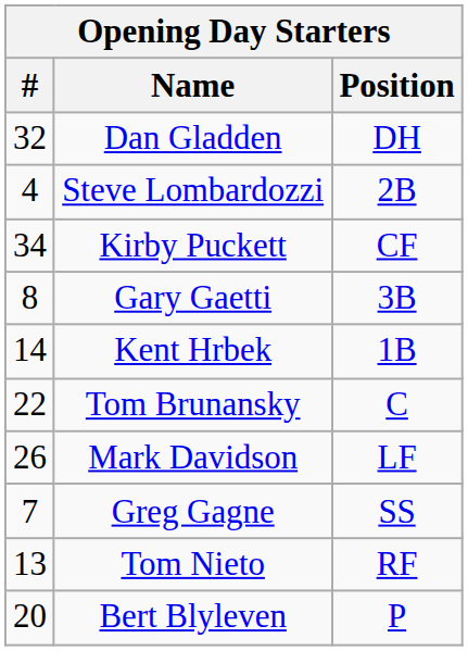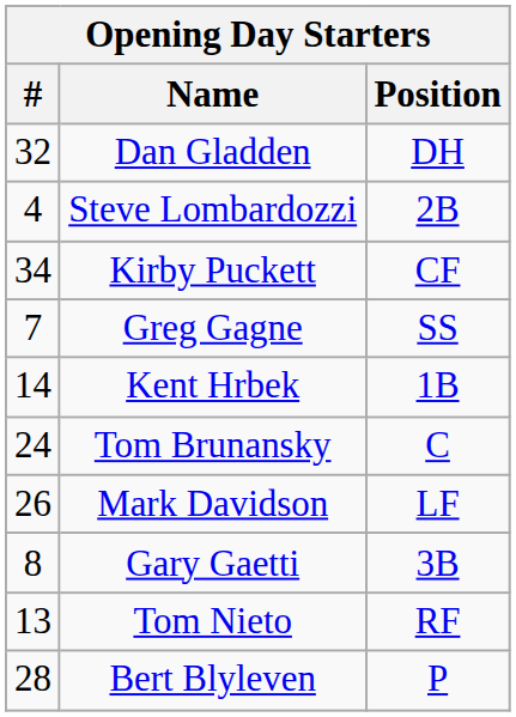 <table class="wikitable" style="text-align:center">
 <tr>
 <th colspan="3">Opening Day Starters</th>
 </tr>
 <tr>
 <th>#</th>
 <th>Name</th>
 <th>Position</th>
 </tr>
 <tr>
 <td>32</td>
 <td><a href='#'>Dan Gladden</a></td>
 <td><a href='#'>DH</a></td>
 </tr>
 <tr>
 <td>4</td>
 <td><a href='#'>Steve Lombardozzi</a></td>
 <td><a href='#'>2B</a></td>
 </tr>
 <tr>
 <td>34</td>
 <td><a href='#'>Kirby Puckett</a></td>
 <td><a href='#'>CF</a></td>
 </tr>
 <tr>
-<td>8</td>
-<td><a href='#'>Gary Gaetti</a></td>
-<td><a href='#'>3B</a></td>
+<td>7</td>
+<td><a href='#'>Greg Gagne</a></td>
+<td><a href='#'>SS</a></td>
 </tr>
 <tr>
 <td>14</td>
 <td><a href='#'>Kent Hrbek</a></td>
 <td><a href='#'>1B</a></td>
 </tr>
 <tr>
-<td>22</td>
+<td>24</td>
 <td><a href='#'>Tom Brunansky</a></td>
 <td><a href='#'>C</a></td>
 </tr>
 <tr>
 <td>26</td>
 <td><a href='#'>Mark Davidson</a></td>
 <td><a href='#'>LF</a></td>
 </tr>
 <tr>
-<td>7</td>
-<td><a href='#'>Greg Gagne</a></td>
-<td><a href='#'>SS</a></td>
+<td>8</td>
+<td><a href='#'>Gary Gaetti</a></td>
+<td><a href='#'>3B</a></td>
 </tr>
 <tr>
 <td>13</td>
 <td><a href='#'>Tom Nieto</a></td>
 <td><a href='#'>RF</a></td>
 </tr>
 <tr>
-<td>20</td>
+<td>28</td>
 <td><a href='#'>Bert Blyleven</a></td>
 <td><a href='#'>P</a></td>
 </tr>
 </table>
